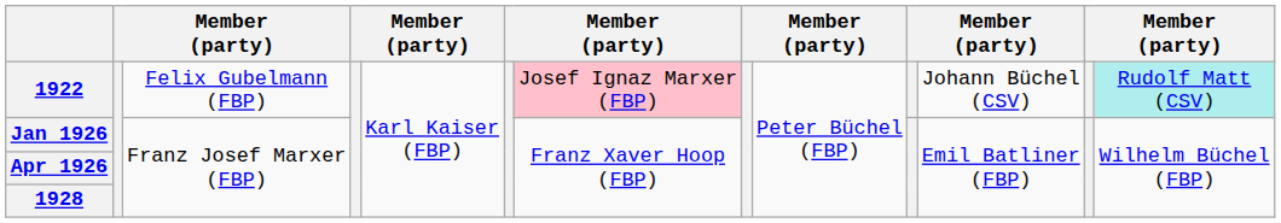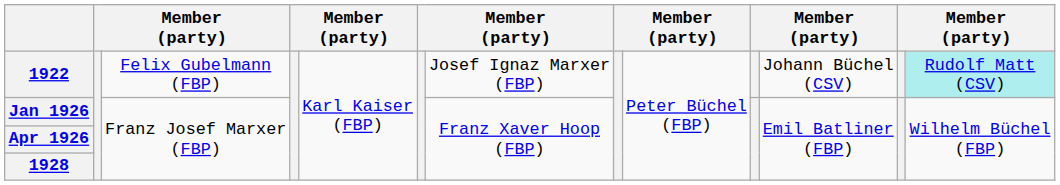 <table class="wikitable" style="text-align:center">
 <tr>
 <th></th>
 <th colspan=2>Member<br>(party)</th>
 <th colspan=2>Member<br>(party)</th>
 <th colspan=2>Member<br>(party)</th>
 <th colspan=2>Member<br>(party)</th>
 <th colspan=2>Member<br>(party)</th>
 <th colspan=2>Member<br>(party)</th>
 </tr>
 <tr>
 <th><a href='#'>1922</a></th>
 <th rowspan=4 style="background-color: "></th>
 <td rowspan=1><a href='#'>Felix Gubelmann</a><br>(<a href='#'>FBP</a>)</td>
 <th rowspan=4 style="background-color: "></th>
 <td rowspan=4><a href='#'>Karl Kaiser</a><br>(<a href='#'>FBP</a>)</td>
 <th rowspan=4 style="background-color: "></th>
-<td rowspan=1 style="background: pink;">Josef Ignaz Marxer<br>(<a href='#'>FBP</a>)</td>
+<td rowspan=1>Josef Ignaz Marxer<br>(<a href='#'>FBP</a>)</td>
 <th rowspan=4 style="background-color: "></th>
 <td rowspan=4><a href='#'>Peter Büchel</a><br>(<a href='#'>FBP</a>)</td>
 <th rowspan=1 style="background-color: "></th>
 <td rowspan=1>Johann Büchel<br>(<a href='#'>CSV</a>)</td>
 <th rowspan=1 style="background-color: "></th>
 <td rowspan=1 style="background: paleturquoise;"><a href='#'>Rudolf Matt</a><br>(<a href='#'>CSV</a>)</td>
 </tr>
 <tr>
 <th><a href='#'>Jan 1926</a></th>
 <td rowspan=3>Franz Josef Marxer<br>(<a href='#'>FBP</a>)</td>
 <td rowspan=3><a href='#'>Franz Xaver Hoop</a><br>(<a href='#'>FBP</a>)</td>
 <th rowspan=3 style="background-color: "></th>
 <td rowspan=3><a href='#'>Emil Batliner</a><br>(<a href='#'>FBP</a>)</td>
 <th rowspan=3 style="background-color: "></th>
 <td rowspan=3><a href='#'>Wilhelm Büchel</a><br>(<a href='#'>FBP</a>)</td>
 </tr>
 <tr>
 <th><a href='#'>Apr 1926</a></th>
 </tr>
 <tr>
 <th><a href='#'>1928</a></th>
 </tr>
 </table>
